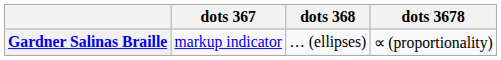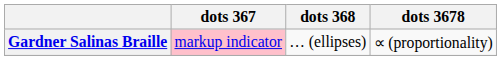 <table class="wikitable">
 <tr>
 <th></th>
 <th>dots 367</th>
 <th>dots 368</th>
 <th>dots 3678</th>
 </tr>
 <tr>
 <th align=left><a href='#'>Gardner Salinas Braille</a></th>
-<td><a href='#'>markup indicator</a></td>
+<td style="background: pink;"><a href='#'>markup indicator</a></td>
 <td>… (ellipses)</td>
 <td>∝ (proportionality)</td>
 </tr>
 <tr>
 </tr>
 <tr>
 </tr>
 </table>
